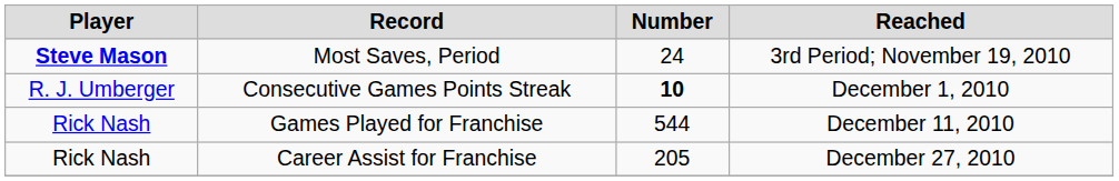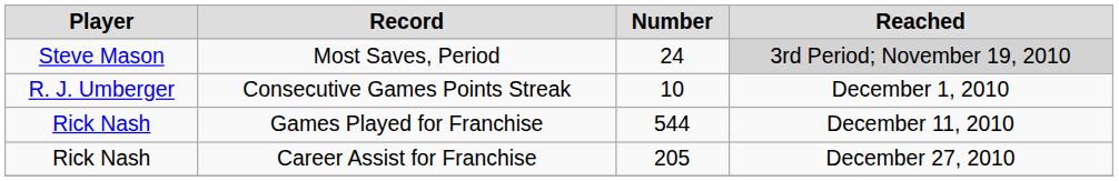 <table class="wikitable" width="52%">
 <tr align="center" bgcolor="#dddddd">
 <td><strong>Player</strong></td>
 <td><strong>Record</strong></td>
 <td><strong>Number</strong></td>
 <td><strong>Reached</strong></td>
 </tr>
 <tr align=center>
-<td><strong><a href='#'>Steve Mason</a></strong></td>
+<td><a href='#'>Steve Mason</a></td>
 <td>Most Saves, Period</td>
 <td>24</td>
-<td>3rd Period; November 19, 2010</td>
+<td style="background: lightgrey;">3rd Period; November 19, 2010</td>
 </tr>
 <tr align=center>
 <td><a href='#'>R. J. Umberger</a></td>
 <td>Consecutive Games Points Streak</td>
-<td><strong>10</strong></td>
+<td>10</td>
 <td>December 1, 2010</td>
 </tr>
 <tr align=center>
 <td><a href='#'>Rick Nash</a></td>
 <td>Games Played for Franchise</td>
 <td>544</td>
 <td>December 11, 2010</td>
 </tr>
 <tr align=center>
 <td>Rick Nash</td>
 <td>Career Assist for Franchise</td>
 <td>205</td>
 <td>December 27, 2010</td>
 </tr>
 <tr>
 </tr>
 </table>
